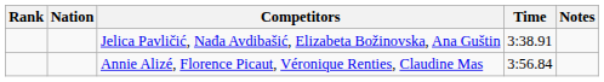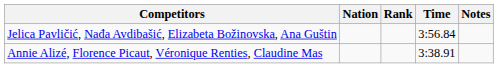 <table class="wikitable sortable" style="text-align:center">
 <tr>
+<th>Competitors</th>
+<th>Nation</th>
 <th>Rank</th>
-<th>Nation</th>
-<th>Competitors</th>
 <th>Time</th>
 <th>Notes</th>
 </tr>
 <tr>
+<td align=left><a href='#'>Jelica Pavličić</a>, <a href='#'>Nađa Avdibašić</a>, <a href='#'>Elizabeta Božinovska</a>, <a href='#'>Ana Guštin</a></td>
+<td align=left></td>
 <td></td>
+<td>3:56.84</td>
+<td></td>
+</tr>
+<tr>
+<td align=left><a href='#'>Annie Alizé</a>, <a href='#'>Florence Picaut</a>, <a href='#'>Véronique Renties</a>, <a href='#'>Claudine Mas</a></td>
 <td align=left></td>
-<td align=left><a href='#'>Jelica Pavličić</a>, <a href='#'>Nađa Avdibašić</a>, <a href='#'>Elizabeta Božinovska</a>, <a href='#'>Ana Guštin</a></td>
+<td></td>
 <td>3:38.91</td>
 <td></td>
 </tr>
-<tr>
-<td></td>
-<td align=left></td>
-<td align=left><a href='#'>Annie Alizé</a>, <a href='#'>Florence Picaut</a>, <a href='#'>Véronique Renties</a>, <a href='#'>Claudine Mas</a></td>
-<td>3:56.84</td>
-<td></td>
-</tr>
 </table>
